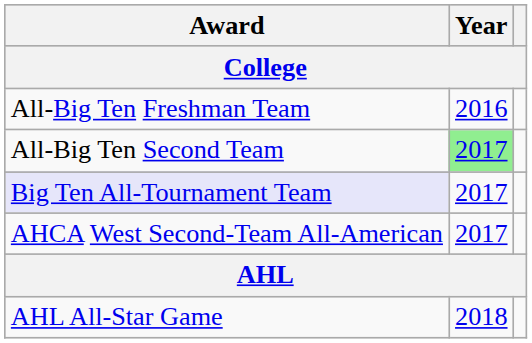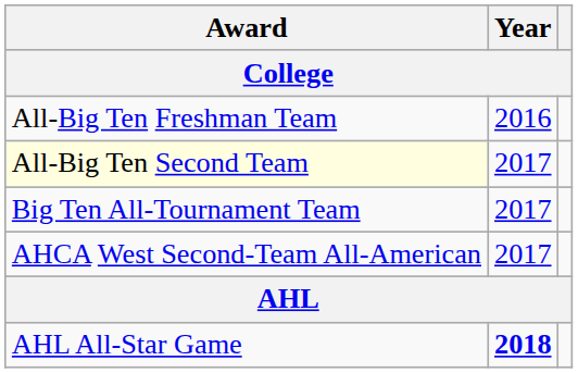 <table class="wikitable">
 <tr>
 <th>Award</th>
 <th>Year</th>
 <th></th>
 </tr>
 <tr>
 <th colspan="3"><a href='#'>College</a></th>
 </tr>
 <tr>
 <td>All-<a href='#'>Big Ten</a> <a href='#'>Freshman Team</a></td>
 <td><a href='#'>2016</a></td>
 <td></td>
 </tr>
 <tr>
-<td>All-Big Ten <a href='#'>Second Team</a></td>
-<td style="background: lightgreen;"><a href='#'>2017</a></td>
+<td style="background: lightyellow;">All-Big Ten <a href='#'>Second Team</a></td>
+<td><a href='#'>2017</a></td>
 <td></td>
 </tr>
 <tr>
-<td style="background: lavender;"><a href='#'>Big Ten All-Tournament Team</a></td>
+<td><a href='#'>Big Ten All-Tournament Team</a></td>
 <td><a href='#'>2017</a></td>
 <td></td>
 </tr>
 <tr>
 <td><a href='#'>AHCA</a> <a href='#'>West Second-Team All-American</a></td>
 <td><a href='#'>2017</a></td>
 <td></td>
 </tr>
 <tr>
 <th colspan="3"><a href='#'>AHL</a></th>
 </tr>
 <tr>
 <td><a href='#'>AHL All-Star Game</a></td>
-<td><a href='#'>2018</a></td>
+<td><strong><a href='#'>2018</a></strong></td>
 <td></td>
 </tr>
 </table>
